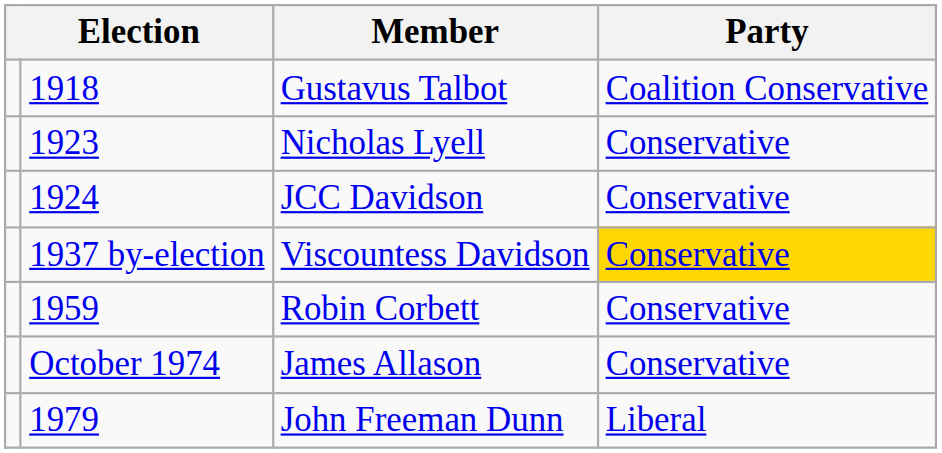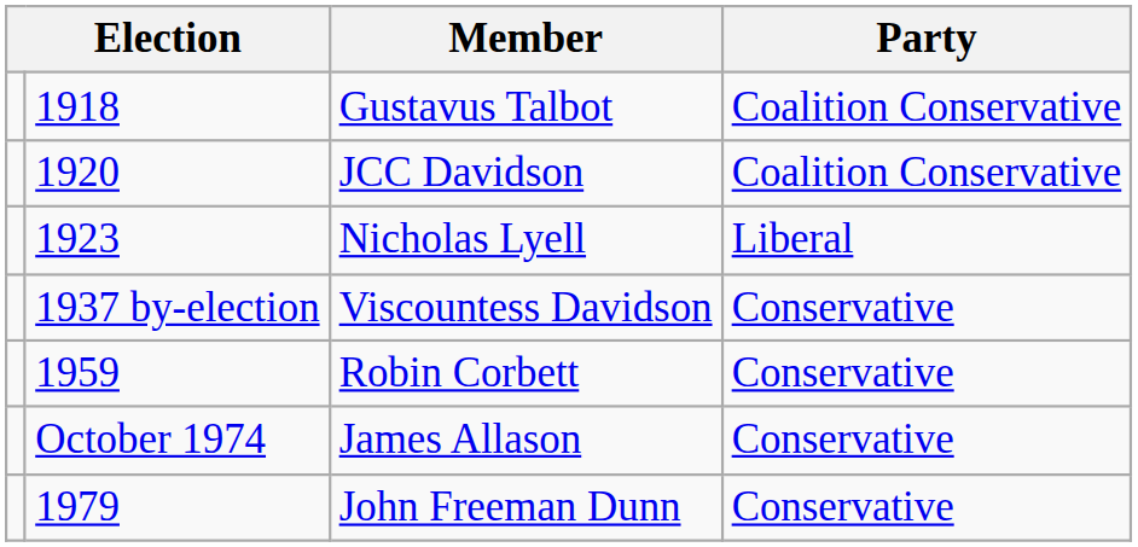 <table class="wikitable">
 <tr>
 <th colspan="2">Election</th>
 <th>Member</th>
 <th>Party</th>
 </tr>
 <tr>
 <td style="color:inherit;background-color: "></td>
 <td><a href='#'>1918</a></td>
 <td><a href='#'>Gustavus Talbot</a></td>
 <td><a href='#'>Coalition Conservative</a></td>
 </tr>
 <tr>
 <td style="color:inherit;background-color: "></td>
-<td><a href='#'>1923</a></td>
-<td><a href='#'>Nicholas Lyell</a></td>
-<td><a href='#'>Conservative</a></td>
+<td><a href='#'>1920</a></td>
+<td><a href='#'>JCC Davidson</a></td>
+<td><a href='#'>Coalition Conservative</a></td>
 </tr>
 <tr>
 <td style="color:inherit;background-color: "></td>
-<td><a href='#'>1924</a></td>
-<td><a href='#'>JCC Davidson</a></td>
-<td><a href='#'>Conservative</a></td>
+<td><a href='#'>1923</a></td>
+<td><a href='#'>Nicholas Lyell</a></td>
+<td><a href='#'>Liberal</a></td>
 </tr>
 <tr>
 <td style="color:inherit;background-color: "></td>
 <td><a href='#'>1937 by-election</a></td>
 <td><a href='#'>Viscountess Davidson</a></td>
-<td style="background: gold;"><a href='#'>Conservative</a></td>
+<td><a href='#'>Conservative</a></td>
 </tr>
 <tr>
 <td style="color:inherit;background-color: "></td>
 <td><a href='#'>1959</a></td>
 <td><a href='#'>Robin Corbett</a></td>
 <td><a href='#'>Conservative</a></td>
 </tr>
 <tr>
 <td style="color:inherit;background-color: "></td>
 <td><a href='#'>October 1974</a></td>
 <td><a href='#'>James Allason</a></td>
 <td><a href='#'>Conservative</a></td>
 </tr>
 <tr>
 <td style="color:inherit;background-color: "></td>
 <td><a href='#'>1979</a></td>
 <td><a href='#'>John Freeman Dunn</a></td>
-<td><a href='#'>Liberal</a></td>
+<td><a href='#'>Conservative</a></td>
 </tr>
 </table>
